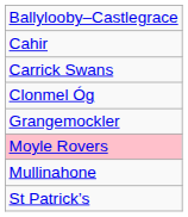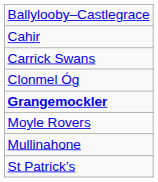 <table class="wikitable">
 <tr>
 <td><a href='#'>Ballylooby–Castlegrace</a></td>
 </tr>
 <tr>
 <td><a href='#'>Cahir</a></td>
 </tr>
 <tr>
 <td><a href='#'>Carrick Swans</a></td>
 </tr>
 <tr>
 <td><a href='#'>Clonmel Óg</a></td>
 </tr>
 <tr>
-<td><a href='#'>Grangemockler</a></td>
+<td><strong><a href='#'>Grangemockler</a></strong></td>
 </tr>
 <tr>
-<td style="background: pink;"><a href='#'>Moyle Rovers</a></td>
+<td><a href='#'>Moyle Rovers</a></td>
 </tr>
 <tr>
 <td><a href='#'>Mullinahone</a></td>
 </tr>
 <tr>
 <td><a href='#'>St Patrick’s</a></td>
 </tr>
 </table>
